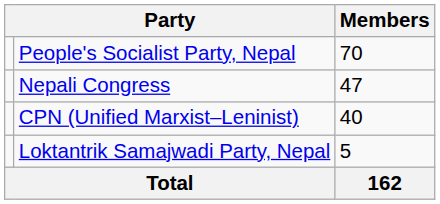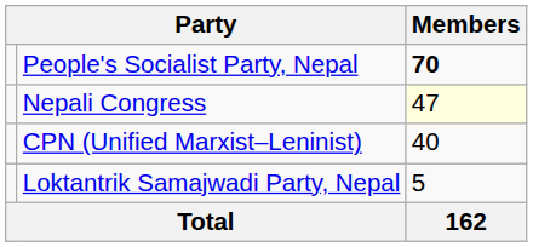 <table class="wikitable">
 <tr>
 <th colspan="2">Party</th>
 <th>Members</th>
 </tr>
 <tr>
 <td style="background-color:"><br></td>
 <td><a href='#'>People's Socialist Party, Nepal</a></td>
-<td>70</td>
+<td><strong>70</strong></td>
 </tr>
 <tr>
 <td style="background-color:"><br></td>
 <td><a href='#'>Nepali Congress</a></td>
-<td>47</td>
+<td style="background: lightyellow;">47</td>
 </tr>
 <tr>
 <td style="background-color:"><br></td>
 <td><a href='#'>CPN (Unified Marxist–Leninist)</a></td>
 <td>40</td>
 </tr>
 <tr>
 <td style="background-color:"><br></td>
 <td><a href='#'>Loktantrik Samajwadi Party, Nepal</a></td>
 <td>5</td>
 </tr>
 <tr>
 <th colspan="2">Total</th>
 <th>162</th>
 </tr>
 </table>
